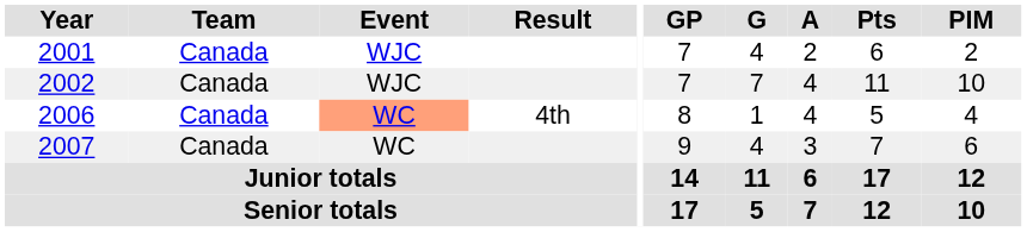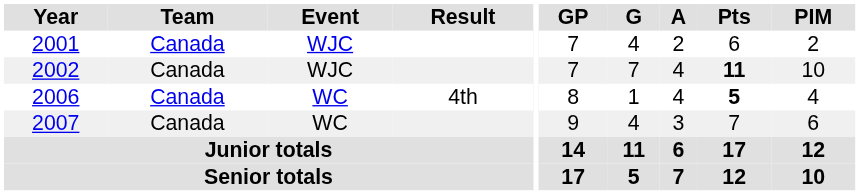 <table border="0" cellpadding="1" cellspacing="0" ID="Table3" style="text-align:center; width:40em">
 <tr ALIGN="center" bgcolor="#e0e0e0">
 <th>Year</th>
 <th>Team</th>
 <th>Event</th>
 <th>Result</th>
 <th rowspan="99" bgcolor="#ffffff"></th>
 <th>GP</th>
 <th>G</th>
 <th>A</th>
 <th>Pts</th>
 <th>PIM</th>
 </tr>
 <tr>
 <td><a href='#'>2001</a></td>
 <td><a href='#'>Canada</a></td>
 <td><a href='#'>WJC</a></td>
 <td></td>
 <td>7</td>
 <td>4</td>
 <td>2</td>
 <td>6</td>
 <td>2</td>
 </tr>
 <tr style="background: #f0f0f0;">
 <td><a href='#'>2002</a></td>
 <td>Canada</td>
 <td>WJC</td>
 <td></td>
 <td>7</td>
 <td>7</td>
 <td>4</td>
-<td>11</td>
+<td><strong>11</strong></td>
 <td>10</td>
 </tr>
 <tr>
 <td><a href='#'>2006</a></td>
 <td><a href='#'>Canada</a></td>
-<td style="background: lightsalmon;"><a href='#'>WC</a></td>
+<td><a href='#'>WC</a></td>
 <td>4th</td>
 <td>8</td>
 <td>1</td>
 <td>4</td>
-<td>5</td>
+<td><strong>5</strong></td>
 <td>4</td>
 </tr>
 <tr style="background: #f0f0f0;">
 <td><a href='#'>2007</a></td>
 <td>Canada</td>
 <td>WC</td>
 <td></td>
 <td>9</td>
 <td>4</td>
 <td>3</td>
 <td>7</td>
 <td>6</td>
 </tr>
 <tr style="background:#e0e0e0;">
 <th colspan="4">Junior totals</th>
 <th>14</th>
 <th>11</th>
 <th>6</th>
 <th>17</th>
 <th>12</th>
 </tr>
 <tr style="background:#e0e0e0;">
 <th colspan="4">Senior totals</th>
 <th>17</th>
 <th>5</th>
 <th>7</th>
 <th>12</th>
 <th>10</th>
 </tr>
 </table>
